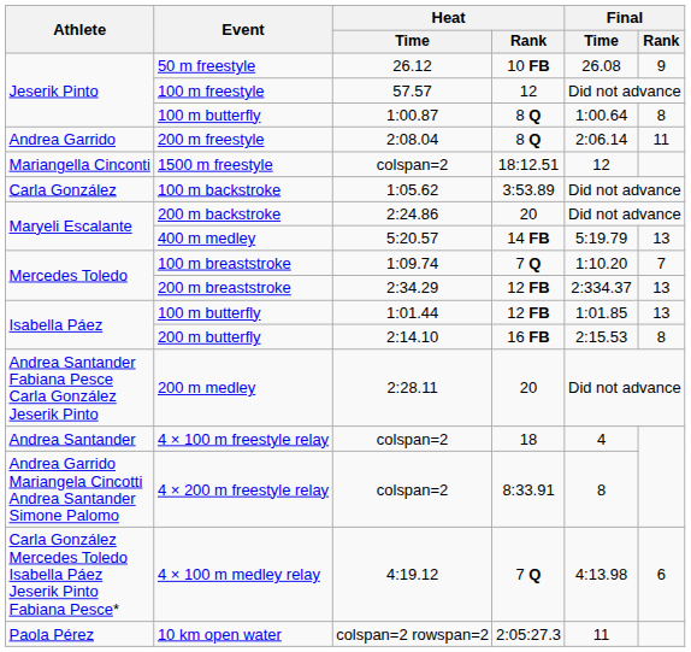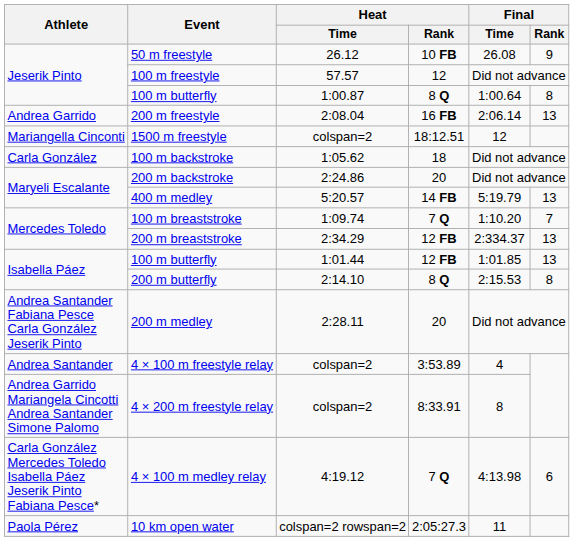 <table class=wikitable style=font-size:90%;text-align:center>
 <tr>
 <th rowspan=2>Athlete</th>
 <th rowspan=2>Event</th>
 <th colspan=2>Heat</th>
 <th colspan=2>Final</th>
 </tr>
 <tr style=font-size:95%>
 <th>Time</th>
 <th>Rank</th>
 <th>Time</th>
 <th>Rank</th>
 </tr>
 <tr>
 <td align=left rowspan=3><a href='#'>Jeserik Pinto</a></td>
 <td align=left><a href='#'>50 m freestyle</a></td>
 <td>26.12</td>
 <td>10 <strong>FB</strong></td>
 <td>26.08</td>
 <td>9</td>
 </tr>
 <tr>
 <td align=left><a href='#'>100 m freestyle</a></td>
 <td>57.57</td>
 <td>12</td>
 <td colspan=2>Did not advance</td>
 </tr>
 <tr>
 <td align=left><a href='#'>100 m butterfly</a></td>
 <td>1:00.87</td>
 <td>8 <strong>Q</strong></td>
 <td>1:00.64</td>
 <td>8</td>
 </tr>
 <tr>
 <td align=left><a href='#'>Andrea Garrido</a></td>
 <td align=left><a href='#'>200 m freestyle</a></td>
 <td>2:08.04</td>
-<td>8 <strong>Q</strong></td>
+<td>16 <strong>FB</strong></td>
 <td>2:06.14</td>
-<td>11</td>
+<td>13</td>
 </tr>
 <tr>
 <td align=left><a href='#'>Mariangella Cinconti</a></td>
 <td align=left><a href='#'>1500 m freestyle</a></td>
 <td>colspan=2 </td>
 <td>18:12.51</td>
 <td>12</td>
 </tr>
 <tr>
 <td align=left><a href='#'>Carla González</a></td>
 <td align=left><a href='#'>100 m backstroke</a></td>
 <td>1:05.62</td>
-<td>3:53.89</td>
+<td>18</td>
 <td colspan=2>Did not advance</td>
 </tr>
 <tr>
 <td align=left rowspan=2><a href='#'>Maryeli Escalante</a></td>
 <td align=left><a href='#'>200 m backstroke</a></td>
 <td>2:24.86</td>
 <td>20</td>
 <td colspan=2>Did not advance</td>
 </tr>
 <tr>
 <td align=left><a href='#'>400 m medley</a></td>
 <td>5:20.57</td>
 <td>14 <strong>FB</strong></td>
 <td>5:19.79</td>
 <td>13</td>
 </tr>
 <tr>
 <td align=left rowspan=2><a href='#'>Mercedes Toledo</a></td>
 <td align=left><a href='#'>100 m breaststroke</a></td>
 <td>1:09.74</td>
 <td>7 <strong>Q</strong></td>
 <td>1:10.20</td>
 <td>7</td>
 </tr>
 <tr>
 <td align=left><a href='#'>200 m breaststroke</a></td>
 <td>2:34.29</td>
 <td>12 <strong>FB</strong></td>
 <td>2:334.37</td>
 <td>13</td>
 </tr>
 <tr>
 <td align=left rowspan=2><a href='#'>Isabella Páez</a></td>
 <td align=left><a href='#'>100 m butterfly</a></td>
 <td>1:01.44</td>
 <td>12 <strong>FB</strong></td>
 <td>1:01.85</td>
 <td>13</td>
 </tr>
 <tr>
 <td align=left><a href='#'>200 m butterfly</a></td>
 <td>2:14.10</td>
-<td>16 <strong>FB</strong></td>
+<td>8 <strong>Q</strong></td>
 <td>2:15.53</td>
 <td>8</td>
 </tr>
 <tr>
 <td align=left><a href='#'>Andrea Santander</a><br><a href='#'>Fabiana Pesce</a><br><a href='#'>Carla González</a><br><a href='#'>Jeserik Pinto</a></td>
 <td align=left><a href='#'>200 m medley</a></td>
 <td>2:28.11</td>
 <td>20</td>
 <td colspan=2>Did not advance</td>
 </tr>
 <tr>
 <td align=left><a href='#'>Andrea Santander</a></td>
 <td align=left><a href='#'>4 × 100 m freestyle relay</a></td>
 <td>colspan=2 </td>
-<td>18</td>
+<td>3:53.89</td>
 <td>4</td>
 </tr>
 <tr>
 <td align=left><a href='#'>Andrea Garrido</a><br><a href='#'>Mariangela Cincotti</a><br><a href='#'>Andrea Santander</a><br><a href='#'>Simone Palomo</a></td>
 <td align=left><a href='#'>4 × 200 m freestyle relay</a></td>
 <td>colspan=2 </td>
 <td>8:33.91</td>
 <td>8</td>
 </tr>
 <tr>
 <td align=left><a href='#'>Carla González</a><br><a href='#'>Mercedes Toledo</a><br><a href='#'>Isabella Páez</a><br><a href='#'>Jeserik Pinto</a><br><a href='#'>Fabiana Pesce</a>*</td>
 <td align=left><a href='#'>4 × 100 m medley relay</a></td>
 <td>4:19.12</td>
 <td>7 <strong>Q</strong></td>
 <td>4:13.98</td>
 <td>6</td>
 </tr>
 <tr>
 <td align=left><a href='#'>Paola Pérez</a></td>
 <td align=left rowspan=2><a href='#'>10 km open water</a></td>
 <td>colspan=2 rowspan=2 </td>
 <td>2:05:27.3</td>
 <td>11</td>
 </tr>
 </table>
